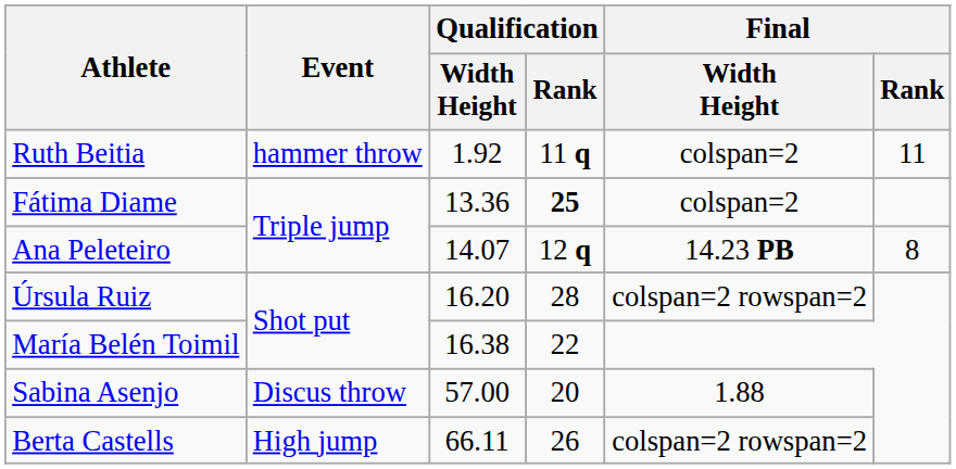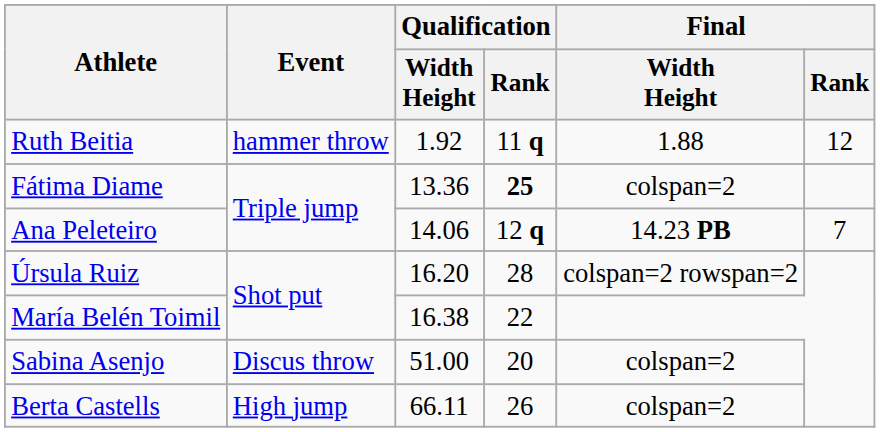 <table class=wikitable style="font-size:90%">
 <tr>
 <th rowspan="2">Athlete</th>
 <th rowspan="2">Event</th>
 <th colspan="2">Qualification</th>
 <th colspan="2">Final</th>
 </tr>
 <tr style="font-size:95%">
 <th>Width<br>Height</th>
 <th>Rank</th>
 <th>Width<br>Height</th>
 <th>Rank</th>
 </tr>
 <tr style=text-align:center>
 <td style=text-align:left><a href='#'>Ruth Beitia</a></td>
 <td style=text-align:left><a href='#'>hammer throw</a></td>
 <td>1.92</td>
 <td>11 <strong>q</strong></td>
-<td>colspan=2 </td>
-<td>11</td>
+<td>1.88</td>
+<td>12</td>
 </tr>
 <tr style=text-align:center>
 <td style=text-align:left><a href='#'>Fátima Diame</a></td>
 <td style=text-align:left rowspan=2><a href='#'>Triple jump</a></td>
 <td>13.36</td>
 <td><strong>25</strong></td>
 <td>colspan=2 </td>
 </tr>
 <tr style=text-align:center>
 <td style=text-align:left><a href='#'>Ana Peleteiro</a></td>
-<td>14.07</td>
+<td>14.06</td>
 <td>12 <strong>q</strong></td>
 <td>14.23 <strong>PB</strong></td>
-<td>8</td>
+<td>7</td>
 </tr>
 <tr style=text-align:center>
 <td style=text-align:left><a href='#'>Úrsula Ruiz</a></td>
 <td style=text-align:left rowspan=2><a href='#'>Shot put</a></td>
 <td>16.20</td>
 <td>28</td>
 <td>colspan=2 rowspan=2 </td>
 </tr>
 <tr style=text-align:center>
 <td style=text-align:left><a href='#'>María Belén Toimil</a></td>
 <td>16.38</td>
 <td>22</td>
 </tr>
 <tr style=text-align:center>
 <td style=text-align:left><a href='#'>Sabina Asenjo</a></td>
 <td style=text-align:left><a href='#'>Discus throw</a></td>
-<td>57.00</td>
+<td>51.00</td>
 <td>20</td>
-<td>1.88</td>
+<td>colspan=2 </td>
 </tr>
 <tr style=text-align:center>
 <td style=text-align:left><a href='#'>Berta Castells</a></td>
 <td style=text-align:left><a href='#'>High jump</a></td>
 <td>66.11</td>
 <td>26</td>
-<td>colspan=2 rowspan=2 </td>
+<td>colspan=2 </td>
 </tr>
 </table>
